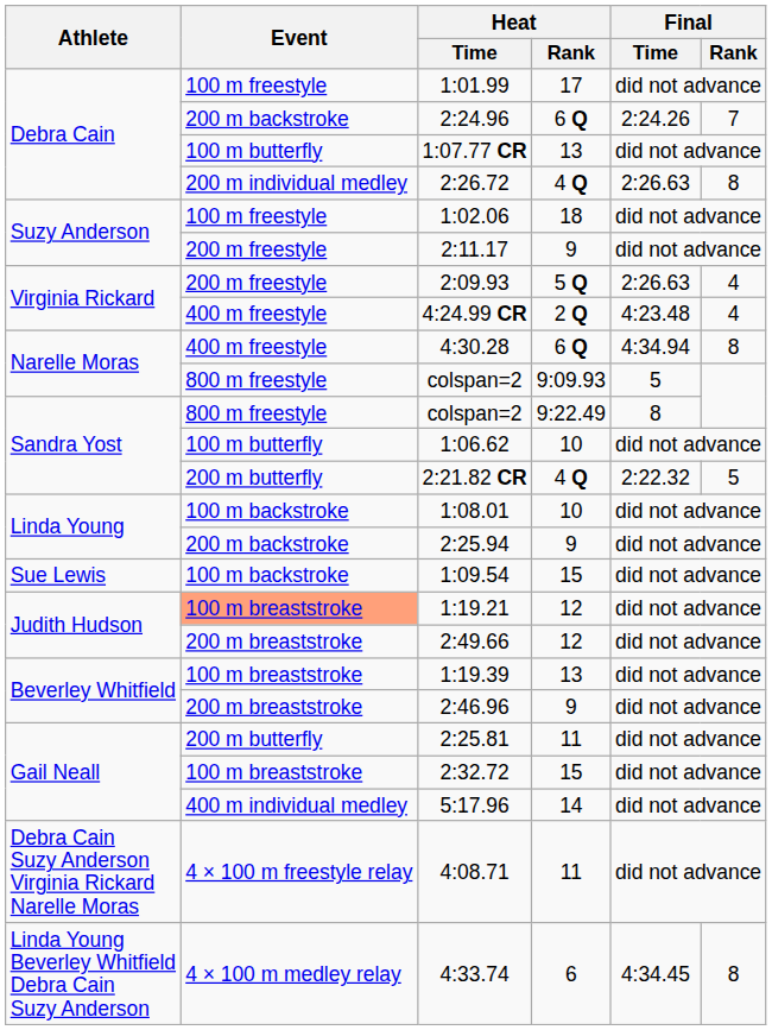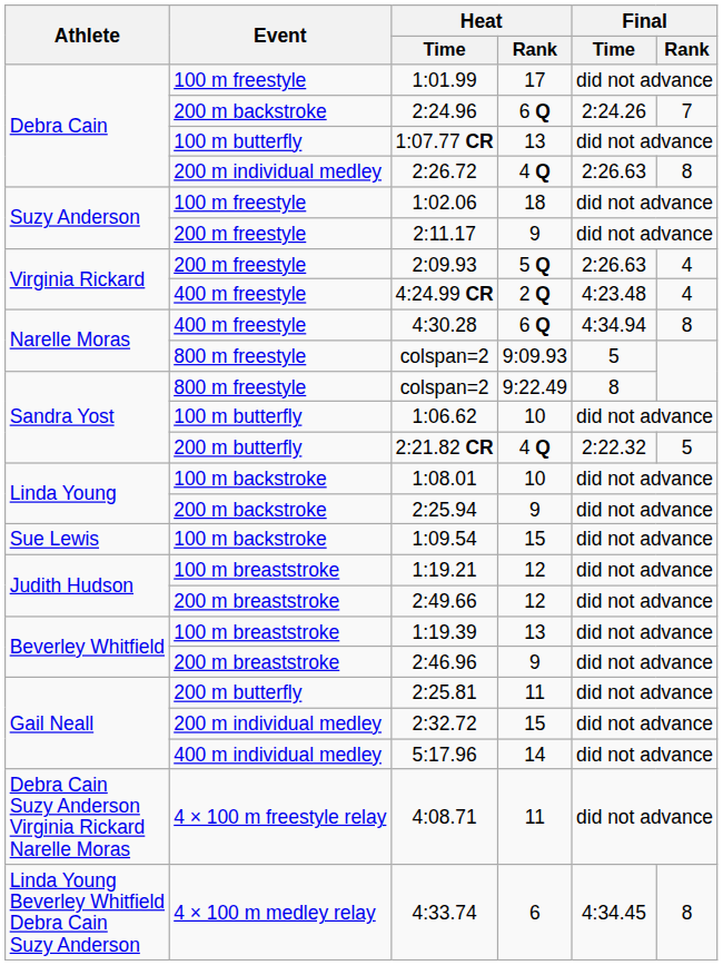 <table class="wikitable" style="text-align:center; font-size:90%">
 <tr>
 <th rowspan="2">Athlete</th>
 <th rowspan="2">Event</th>
 <th colspan="2">Heat</th>
 <th colspan="2">Final</th>
 </tr>
 <tr style="font-size:95%">
 <th>Time</th>
 <th>Rank</th>
 <th>Time</th>
 <th>Rank</th>
 </tr>
 <tr>
 <td align=left rowspan=4><a href='#'>Debra Cain</a></td>
 <td align=left><a href='#'>100 m freestyle</a></td>
 <td>1:01.99</td>
 <td>17</td>
 <td colspan=2>did not advance</td>
 </tr>
 <tr>
 <td align=left><a href='#'>200 m backstroke</a></td>
 <td>2:24.96</td>
 <td>6 <strong>Q</strong></td>
 <td>2:24.26</td>
 <td>7</td>
 </tr>
 <tr>
 <td align=left><a href='#'>100 m butterfly</a></td>
 <td>1:07.77 <strong>CR</strong></td>
 <td>13</td>
 <td colspan=2>did not advance</td>
 </tr>
 <tr>
 <td align=left><a href='#'>200 m individual medley</a></td>
 <td>2:26.72</td>
 <td>4 <strong>Q</strong></td>
 <td>2:26.63</td>
 <td>8</td>
 </tr>
 <tr>
 <td align=left rowspan=2><a href='#'>Suzy Anderson</a></td>
 <td align=left><a href='#'>100 m freestyle</a></td>
 <td>1:02.06</td>
 <td>18</td>
 <td colspan=2>did not advance</td>
 </tr>
 <tr>
 <td align=left><a href='#'>200 m freestyle</a></td>
 <td>2:11.17</td>
 <td>9</td>
 <td colspan=2>did not advance</td>
 </tr>
 <tr>
 <td align=left rowspan=2><a href='#'>Virginia Rickard</a></td>
 <td align=left><a href='#'>200 m freestyle</a></td>
 <td>2:09.93</td>
 <td>5 <strong>Q</strong></td>
 <td>2:26.63</td>
 <td>4</td>
 </tr>
 <tr>
 <td align=left><a href='#'>400 m freestyle</a></td>
 <td>4:24.99 <strong>CR</strong></td>
 <td>2 <strong>Q</strong></td>
 <td>4:23.48</td>
 <td>4</td>
 </tr>
 <tr>
 <td align=left rowspan=2><a href='#'>Narelle Moras</a></td>
 <td align=left><a href='#'>400 m freestyle</a></td>
 <td>4:30.28</td>
 <td>6 <strong>Q</strong></td>
 <td>4:34.94</td>
 <td>8</td>
 </tr>
 <tr>
 <td align=left><a href='#'>800 m freestyle</a></td>
 <td>colspan=2 </td>
 <td>9:09.93</td>
 <td>5</td>
 </tr>
 <tr>
 <td align=left rowspan=3><a href='#'>Sandra Yost</a></td>
 <td align=left><a href='#'>800 m freestyle</a></td>
 <td>colspan=2 </td>
 <td>9:22.49</td>
 <td>8</td>
 </tr>
 <tr>
 <td align=left><a href='#'>100 m butterfly</a></td>
 <td>1:06.62</td>
 <td>10</td>
 <td colspan=2>did not advance</td>
 </tr>
 <tr>
 <td align=left><a href='#'>200 m butterfly</a></td>
 <td>2:21.82 <strong>CR</strong></td>
 <td>4 <strong>Q</strong></td>
 <td>2:22.32</td>
 <td>5</td>
 </tr>
 <tr>
 <td align=left rowspan=2><a href='#'>Linda Young</a></td>
 <td align=left><a href='#'>100 m backstroke</a></td>
 <td>1:08.01</td>
 <td>10</td>
 <td colspan=2>did not advance</td>
 </tr>
 <tr>
 <td align=left><a href='#'>200 m backstroke</a></td>
 <td>2:25.94</td>
 <td>9</td>
 <td colspan=2>did not advance</td>
 </tr>
 <tr>
 <td align=left><a href='#'>Sue Lewis</a></td>
 <td align=left><a href='#'>100 m backstroke</a></td>
 <td>1:09.54</td>
 <td>15</td>
 <td colspan=2>did not advance</td>
 </tr>
 <tr>
 <td align=left rowspan=2><a href='#'>Judith Hudson</a></td>
-<td align=left style="background: lightsalmon;"><a href='#'>100 m breaststroke</a></td>
+<td align=left><a href='#'>100 m breaststroke</a></td>
 <td>1:19.21</td>
 <td>12</td>
 <td colspan=2>did not advance</td>
 </tr>
 <tr>
 <td align=left><a href='#'>200 m breaststroke</a></td>
 <td>2:49.66</td>
 <td>12</td>
 <td colspan=2>did not advance</td>
 </tr>
 <tr>
 <td align=left rowspan=2><a href='#'>Beverley Whitfield</a></td>
 <td align=left><a href='#'>100 m breaststroke</a></td>
 <td>1:19.39</td>
 <td>13</td>
 <td colspan=2>did not advance</td>
 </tr>
 <tr>
 <td align=left><a href='#'>200 m breaststroke</a></td>
 <td>2:46.96</td>
 <td>9</td>
 <td colspan=2>did not advance</td>
 </tr>
 <tr>
 <td align=left rowspan=3><a href='#'>Gail Neall</a></td>
 <td align=left><a href='#'>200 m butterfly</a></td>
 <td>2:25.81</td>
 <td>11</td>
 <td colspan=2>did not advance</td>
 </tr>
 <tr>
-<td align=left><a href='#'>100 m breaststroke</a></td>
+<td align=left><a href='#'>200 m individual medley</a></td>
 <td>2:32.72</td>
 <td>15</td>
 <td colspan=2>did not advance</td>
 </tr>
 <tr>
 <td align=left><a href='#'>400 m individual medley</a></td>
 <td>5:17.96</td>
 <td>14</td>
 <td colspan=2>did not advance</td>
 </tr>
 <tr>
 <td align=left><a href='#'>Debra Cain</a><br><a href='#'>Suzy Anderson</a><br><a href='#'>Virginia Rickard</a><br><a href='#'>Narelle Moras</a></td>
 <td align=left><a href='#'>4 × 100 m freestyle relay</a></td>
 <td>4:08.71</td>
 <td>11</td>
 <td colspan=2>did not advance</td>
 </tr>
 <tr>
 <td align=left><a href='#'>Linda Young</a><br><a href='#'>Beverley Whitfield</a><br><a href='#'>Debra Cain</a><br><a href='#'>Suzy Anderson</a></td>
 <td align=left><a href='#'>4 × 100 m medley relay</a></td>
 <td>4:33.74</td>
 <td>6</td>
 <td>4:34.45</td>
 <td>8</td>
 </tr>
 </table>
